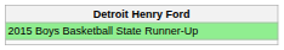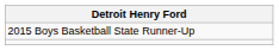 <table class="wikitable collapsible collapsed" style="min-width:25em; font-size:88%;">
 <tr>
 <th colspan="2">Detroit Henry Ford</th>
 </tr>
 <tr>
-<td style="background: lightgreen;">2015 Boys Basketball State Runner-Up</td>
+<td>2015 Boys Basketball State Runner-Up</td>
 </tr>
 <tr>
 <td></td>
 </tr>
 </table>
